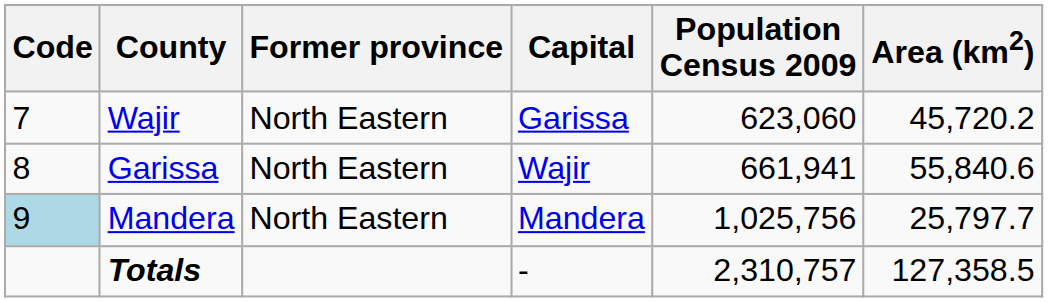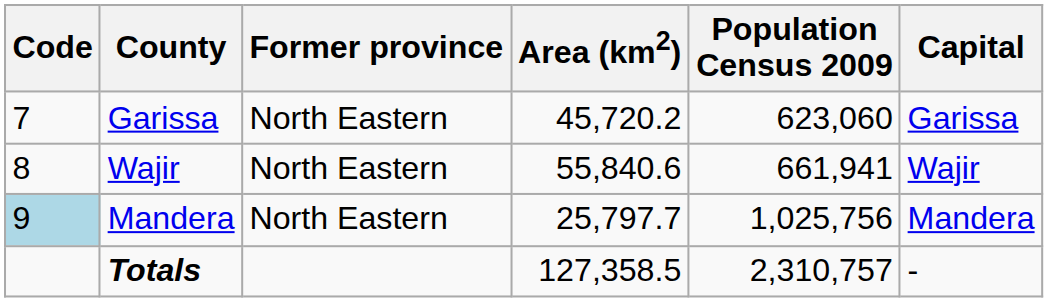 <table class="sortable wikitable">
 <tr>
 <th>Code</th>
 <th>County</th>
 <th>Former province</th>
+<th>Area (km<sup>2</sup>)</th>
+<th>Population<br>Census 2009</th>
 <th>Capital</th>
-<th>Population<br>Census 2009</th>
-<th>Area (km<sup>2</sup>)</th>
 </tr>
 <tr>
 <td>7</td>
-<td><a href='#'>Wajir</a></td>
+<td><a href='#'>Garissa</a></td>
 <td>North Eastern</td>
+<td align="right">45,720.2</td>
+<td align="right">623,060</td>
 <td><a href='#'>Garissa</a></td>
-<td align="right">623,060</td>
-<td align="right">45,720.2</td>
 </tr>
 <tr>
 <td>8</td>
-<td><a href='#'>Garissa</a></td>
+<td><a href='#'>Wajir</a></td>
 <td>North Eastern</td>
+<td align="right">55,840.6</td>
+<td align="right">661,941</td>
 <td><a href='#'>Wajir</a></td>
-<td align="right">661,941</td>
-<td align="right">55,840.6</td>
 </tr>
 <tr>
 <td style="background: lightblue;">9</td>
 <td><a href='#'>Mandera</a></td>
 <td>North Eastern</td>
+<td align="right">25,797.7</td>
+<td align="right">1,025,756</td>
 <td><a href='#'>Mandera</a></td>
-<td align="right">1,025,756</td>
-<td align="right">25,797.7</td>
 </tr>
 <tr>
 <td></td>
 <td><strong><em>Totals</em></strong></td>
 <td></td>
+<td align="right">127,358.5</td>
+<td align="right">2,310,757</td>
 <td>-</td>
-<td align="right">2,310,757</td>
-<td align="right">127,358.5</td>
 </tr>
 </table>
